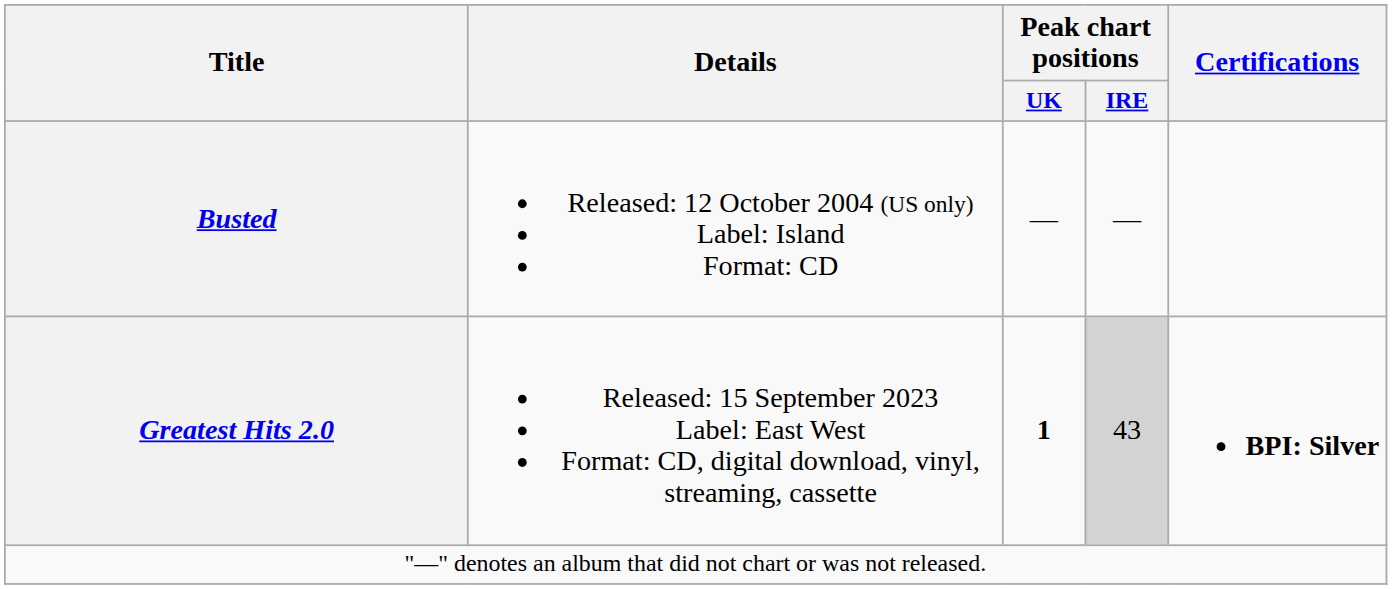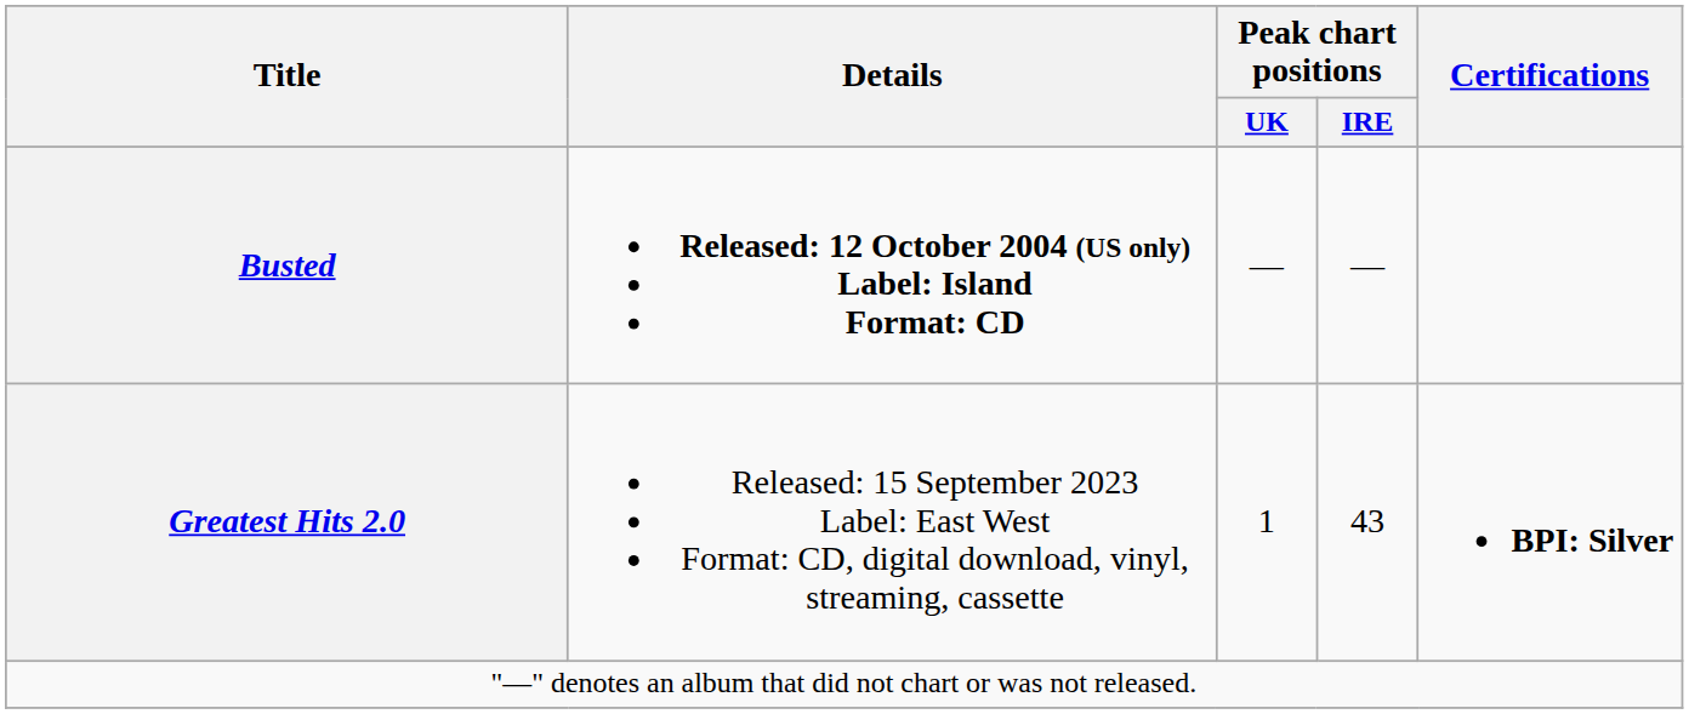 <table class="wikitable plainrowheaders" style="text-align:center;">
 <tr>
 <th scope="col" rowspan="2" style="width:16em;">Title</th>
 <th scope="col" rowspan="2" style="width:18.5em;">Details</th>
 <th scope="col" colspan="2">Peak chart positions</th>
 <th scope="col" rowspan="2"><a href='#'>Certifications</a></th>
 </tr>
 <tr>
 <th scope="col" style="width:3em;font-size:85%;"><a href='#'>UK</a><br></th>
 <th scope="col" style="width:3em;font-size:85%;"><a href='#'>IRE</a><br></th>
 </tr>
 <tr>
 <th scope="row"><em><a href='#'>Busted</a></em></th>
-<td><br><ul><li>Released: 12 October 2004 <small>(US only)</small></li><li>Label: Island</li><li>Format: CD</li></ul></td>
+<td><strong><br><ul><li>Released: 12 October 2004 <small>(US only)</small></li><li>Label: Island</li><li>Format: CD</li></ul></strong></td>
 <td>—</td>
 <td>—</td>
 <td></td>
 </tr>
 <tr>
 <th scope="row"><em><a href='#'>Greatest Hits 2.0</a></em></th>
 <td><br><ul><li>Released: 15 September 2023</li><li>Label: East West</li><li>Format: CD, digital download, vinyl, streaming, cassette</li></ul></td>
-<td><strong>1</strong></td>
-<td style="background: lightgrey;">43</td>
+<td>1</td>
+<td>43</td>
 <td><strong><br><ul><li>BPI: Silver</li></ul></strong></td>
 </tr>
 <tr>
 <td style="font-size:85%;" colspan="22">"—" denotes an album that did not chart or was not released.</td>
 </tr>
 </table>
